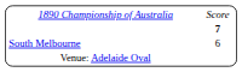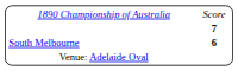 <table style="margin-right:4px; margin-top:8px; float:left; border:1px #000 solid; border-radius:8px; background:#fff; font-family:Verdana; font-size:8pt; text-align:center;">
 <tr>
 <td width=200><em><a href='#'>1890 Championship of Australia</a></em></td>
 <td><em>Score</em></td>
 </tr>
 <tr>
 <td style="text-align:left"><strong></strong></td>
 <td><strong>7</strong></td>
 </tr>
 <tr>
 <td style="text-align:left"><a href='#'>South Melbourne</a></td>
-<td>6</td>
+<td><strong>6</strong></td>
 </tr>
 <tr>
 <td>Venue: <a href='#'>Adelaide Oval</a></td>
 <td colspan=3></td>
 <td colspan=3></td>
 </tr>
 </table>
